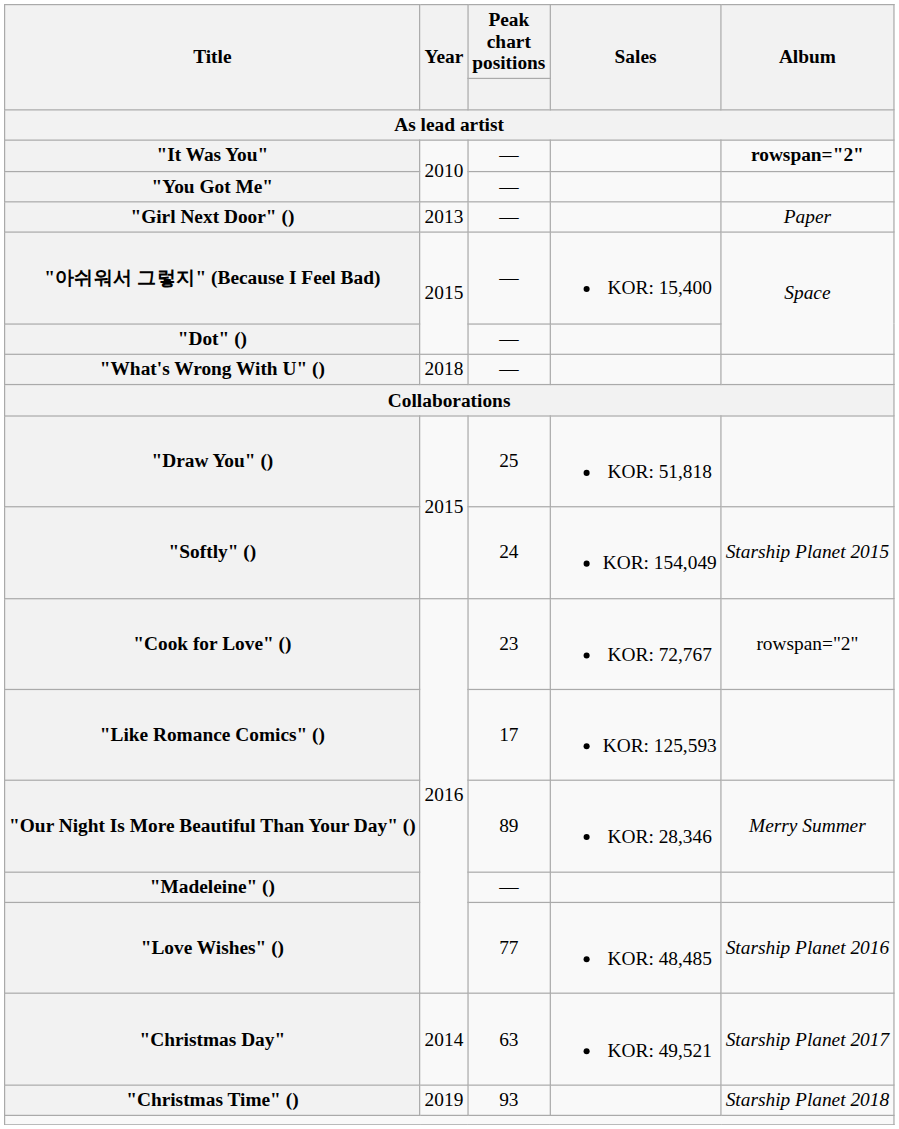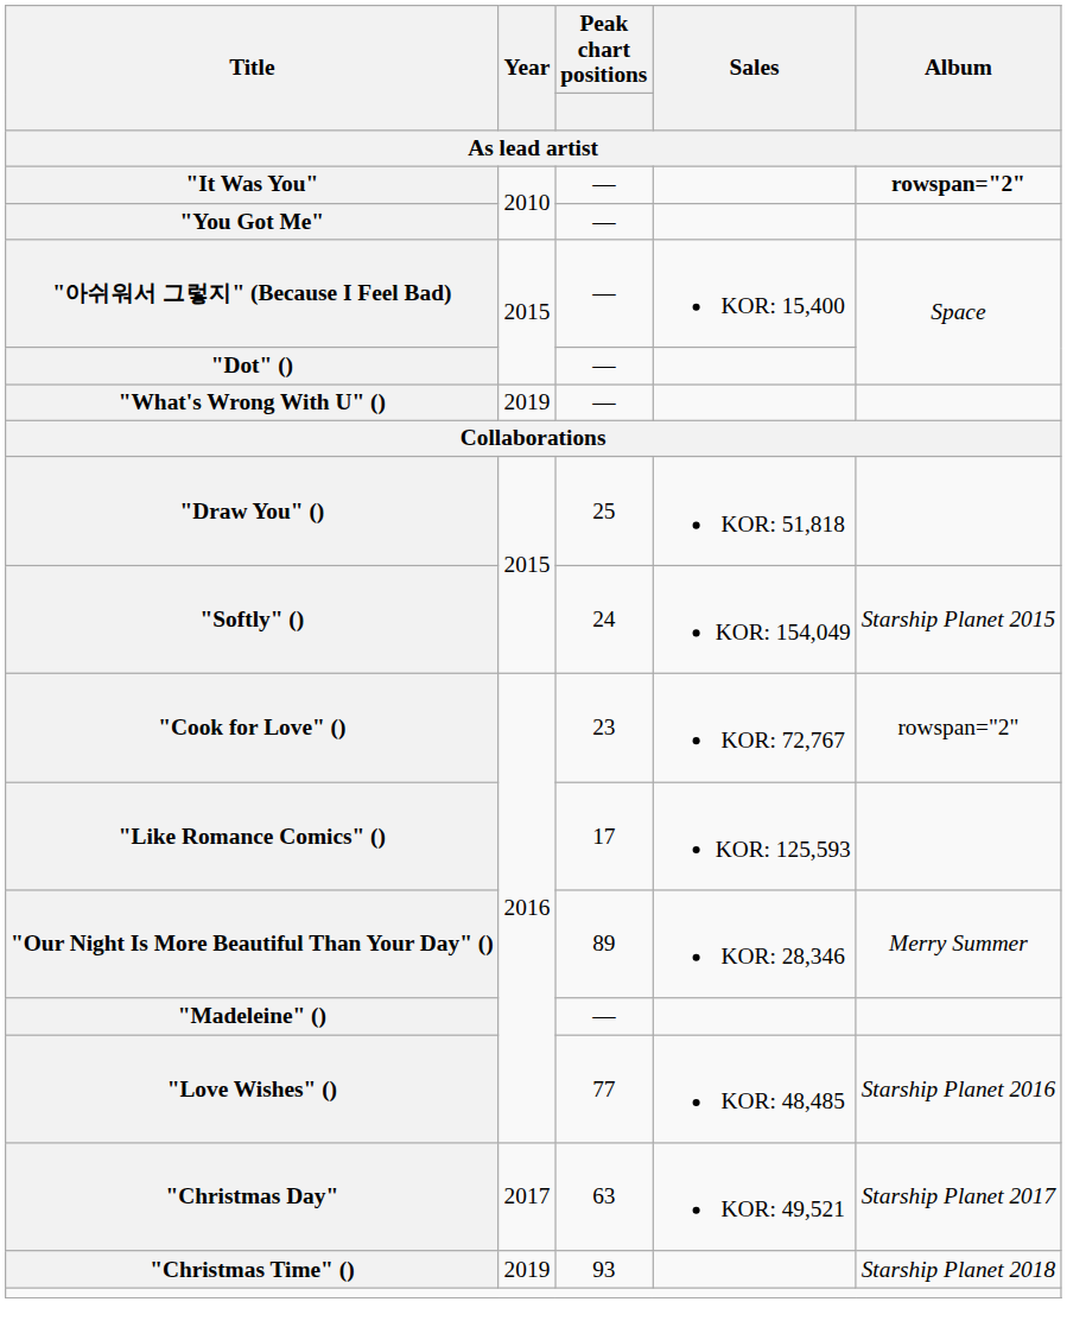 <table class="wikitable plainrowheaders" style="text-align:center;">
 <tr>
 <th scope="col" rowspan="2">Title</th>
 <th scope="col" rowspan="2">Year</th>
 <th scope="col" colspan="1">Peak chart positions</th>
 <th scope="col" rowspan="2">Sales</th>
 <th scope="col" rowspan="2">Album</th>
 </tr>
 <tr>
 <th style="width:3em"><br></th>
 </tr>
 <tr>
 <th colspan="5">As lead artist</th>
 </tr>
 <tr>
 <th scope="row">"It Was You"</th>
 <td rowspan="2">2010</td>
 <td>—</td>
 <td></td>
 <td><strong>rowspan="2" </strong></td>
 </tr>
 <tr>
 <th scope="row">"You Got Me"</th>
 <td>—</td>
 <td></td>
 </tr>
 <tr>
-<th scope="row">"Girl Next Door" ()</th>
-<td>2013</td>
-<td>—</td>
-<td></td>
-<td><em>Paper</em></td>
-</tr>
-<tr>
 <th scope="row">"아쉬워서 그렇지" (Because I Feel Bad)<br></th>
 <td rowspan="2">2015</td>
 <td>—</td>
 <td><br><ul><li>KOR: 15,400</li></ul></td>
 <td rowspan="2"><em>Space</em></td>
 </tr>
 <tr>
 <th scope="row">"Dot" ()<br></th>
 <td>—</td>
 <td></td>
 </tr>
 <tr>
 <th scope="row">"What's Wrong With U" ()<br></th>
-<td>2018</td>
+<td>2019</td>
 <td>—</td>
 <td></td>
 <td></td>
 </tr>
 <tr>
 <th colspan="5">Collaborations</th>
 </tr>
 <tr>
 <th scope="row">"Draw You" ()<br></th>
 <td rowspan="2">2015</td>
 <td>25</td>
 <td><br><ul><li>KOR: 51,818</li></ul></td>
 <td></td>
 </tr>
 <tr>
 <th scope="row">"Softly" ()<br></th>
 <td>24</td>
 <td><br><ul><li>KOR: 154,049</li></ul></td>
 <td><em>Starship Planet 2015</em></td>
 </tr>
 <tr>
 <th scope="row">"Cook for Love" ()<br></th>
 <td rowspan="5">2016</td>
 <td>23</td>
 <td><br><ul><li>KOR: 72,767</li></ul></td>
 <td>rowspan="2" </td>
 </tr>
 <tr>
 <th scope="row">"Like Romance Comics" ()<br></th>
 <td>17</td>
 <td><br><ul><li>KOR: 125,593</li></ul></td>
 </tr>
 <tr>
 <th scope="row">"Our Night Is More Beautiful Than Your Day" ()<br></th>
 <td>89</td>
 <td><br><ul><li>KOR: 28,346</li></ul></td>
 <td><em>Merry Summer</em></td>
 </tr>
 <tr>
 <th scope="row">"Madeleine" ()<br></th>
 <td>—</td>
 <td></td>
 <td></td>
 </tr>
 <tr>
 <th scope="row">"Love Wishes" ()<br></th>
 <td>77</td>
 <td><br><ul><li>KOR: 48,485</li></ul></td>
 <td><em>Starship Planet 2016</em></td>
 </tr>
 <tr>
 <th scope="row">"Christmas Day"<br></th>
-<td>2014</td>
+<td>2017</td>
 <td>63</td>
 <td><br><ul><li>KOR: 49,521</li></ul></td>
 <td><em>Starship Planet 2017</em></td>
 </tr>
 <tr>
 <th scope="row">"Christmas Time" ()<br></th>
 <td>2019</td>
 <td>93</td>
 <td></td>
 <td><em>Starship Planet 2018</em></td>
 </tr>
 <tr>
 <td colspan="5"></td>
 </tr>
 <tr>
 </tr>
 </table>
